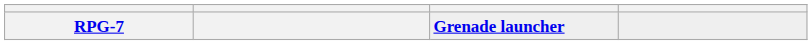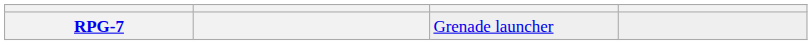 <table class="wikitable" style="width:60%;">
 <tr>
 <th style="width:12%;"></th>
 <th style="width:15%;"></th>
 <th style="width:12%;"></th>
 <th style="width:12%;"></th>
 </tr>
 <tr style="background:#efefef; color:black">
 <th><a href='#'>RPG-7</a></th>
 <th></th>
-<td><strong><a href='#'>Grenade launcher</a></strong></td>
+<td><a href='#'>Grenade launcher</a></td>
 <td></td>
 </tr>
 </table>
